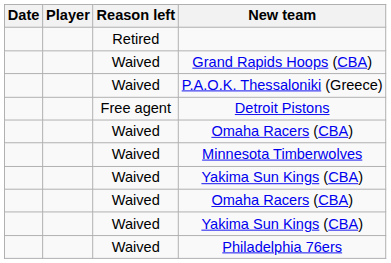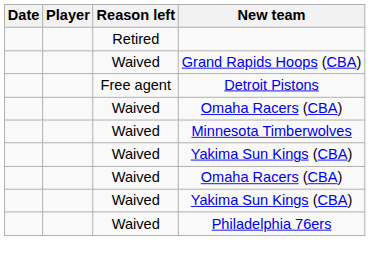 <table class="wikitable sortable sortable">
 <tr>
 <th>Date</th>
 <th>Player</th>
 <th>Reason left</th>
 <th>New team</th>
 </tr>
 <tr style="text-align: center">
 <td></td>
 <td></td>
 <td>Retired</td>
 <td></td>
 </tr>
 <tr style="text-align: center">
 <td></td>
 <td></td>
 <td>Waived</td>
 <td><a href='#'>Grand Rapids Hoops</a> (<a href='#'>CBA</a>)</td>
-</tr>
-<tr style="text-align: center">
-<td></td>
-<td></td>
-<td>Waived</td>
-<td><a href='#'>P.A.O.K. Thessaloniki</a> (Greece)</td>
 </tr>
 <tr style="text-align: center">
 <td></td>
 <td></td>
 <td>Free agent</td>
 <td><a href='#'>Detroit Pistons</a></td>
 </tr>
 <tr style="text-align: center">
 <td></td>
 <td></td>
 <td>Waived</td>
 <td><a href='#'>Omaha Racers</a> (<a href='#'>CBA</a>)</td>
 </tr>
 <tr style="text-align: center">
 <td></td>
 <td></td>
 <td>Waived</td>
 <td><a href='#'>Minnesota Timberwolves</a></td>
 </tr>
 <tr style="text-align: center">
 <td></td>
 <td></td>
 <td>Waived</td>
 <td><a href='#'>Yakima Sun Kings</a> (<a href='#'>CBA</a>)</td>
 </tr>
 <tr style="text-align: center">
 <td></td>
 <td></td>
 <td>Waived</td>
 <td><a href='#'>Omaha Racers</a> (<a href='#'>CBA</a>)</td>
 </tr>
 <tr style="text-align: center">
 <td></td>
 <td></td>
 <td>Waived</td>
 <td><a href='#'>Yakima Sun Kings</a> (<a href='#'>CBA</a>)</td>
 </tr>
 <tr style="text-align: center">
 <td></td>
 <td></td>
 <td>Waived</td>
 <td><a href='#'>Philadelphia 76ers</a></td>
 </tr>
 </table>
